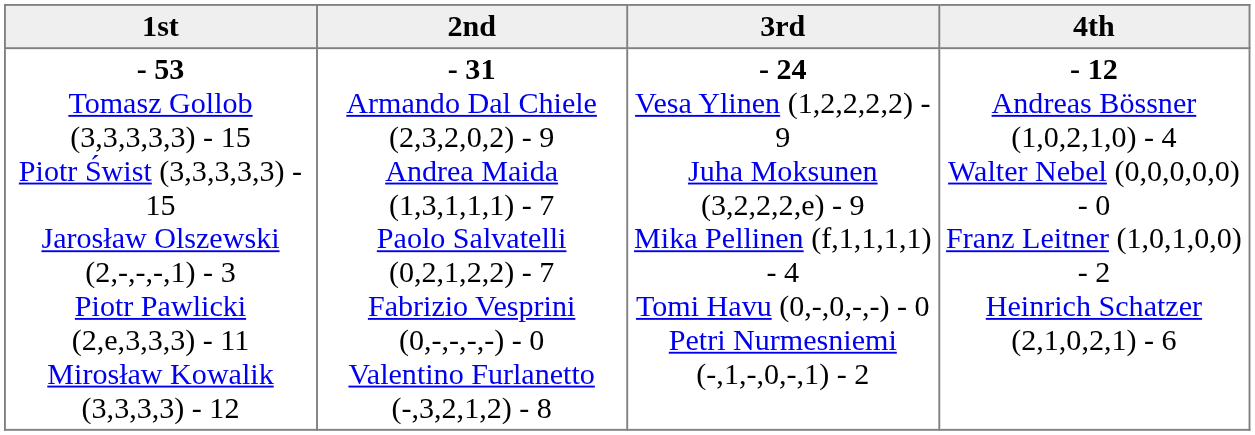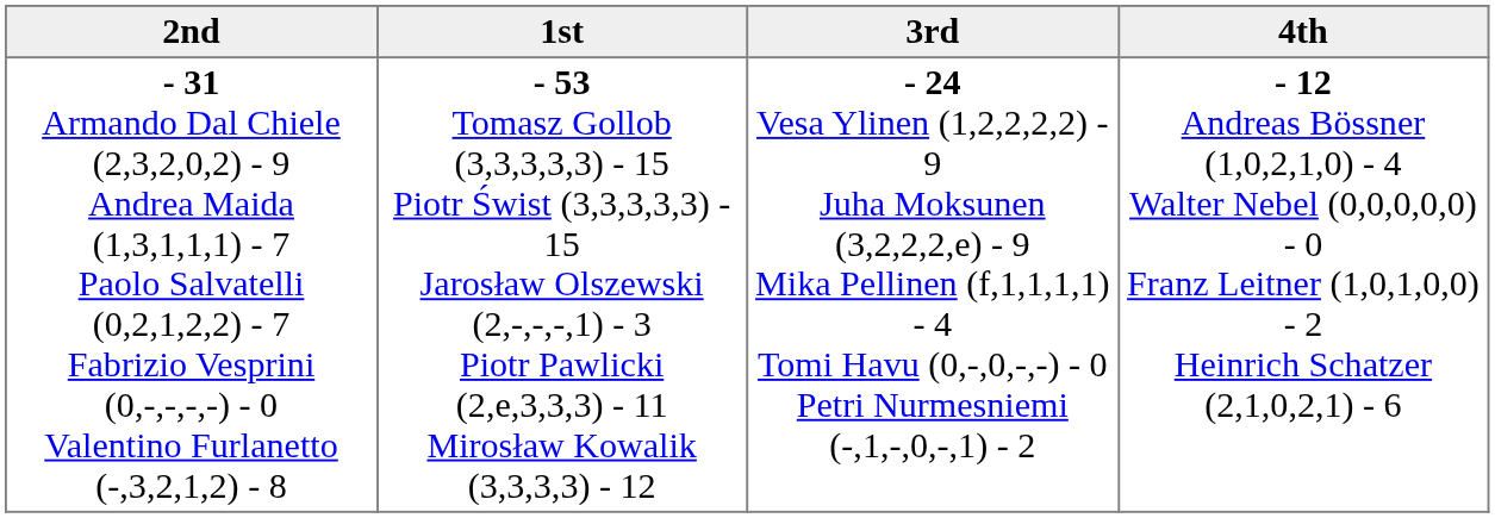 <table border="1" cellpadding="2" cellspacing="0" style="width:75%; border-collapse:collapse">
 <tr style="text-align:center; background:#efefef;">
+<th width=20% >2nd</th>
 <th width=20% >1st</th>
-<th width=20% >2nd</th>
 <th width=20% >3rd</th>
 <th width=20%>4th</th>
 </tr>
 <tr align=center>
+<td valign=top ><strong> - 31</strong><br><a href='#'>Armando Dal Chiele</a> (2,3,2,0,2) - 9<br><a href='#'>Andrea Maida</a> (1,3,1,1,1) - 7<br><a href='#'>Paolo Salvatelli</a> (0,2,1,2,2) - 7<br><a href='#'>Fabrizio Vesprini</a> (0,-,-,-,-) - 0<br><a href='#'>Valentino Furlanetto</a> (-,3,2,1,2) - 8</td>
 <td valign=top ><strong> - 53</strong><br><a href='#'>Tomasz Gollob</a> (3,3,3,3,3) - 15<br><a href='#'>Piotr Świst</a> (3,3,3,3,3) - 15<br><a href='#'>Jarosław Olszewski</a> (2,-,-,-,1) - 3<br><a href='#'>Piotr Pawlicki</a> (2,e,3,3,3) - 11<br><a href='#'>Mirosław Kowalik</a> (3,3,3,3) - 12</td>
-<td valign=top ><strong> - 31</strong><br><a href='#'>Armando Dal Chiele</a> (2,3,2,0,2) - 9<br><a href='#'>Andrea Maida</a> (1,3,1,1,1) - 7<br><a href='#'>Paolo Salvatelli</a> (0,2,1,2,2) - 7<br><a href='#'>Fabrizio Vesprini</a> (0,-,-,-,-) - 0<br><a href='#'>Valentino Furlanetto</a> (-,3,2,1,2) - 8</td>
 <td valign=top ><strong> - 24</strong><br><a href='#'>Vesa Ylinen</a> (1,2,2,2,2) - 9<br><a href='#'>Juha Moksunen</a> (3,2,2,2,e) - 9<br><a href='#'>Mika Pellinen</a> (f,1,1,1,1) - 4<br><a href='#'>Tomi Havu</a> (0,-,0,-,-) - 0<br><a href='#'>Petri Nurmesniemi</a> (-,1,-,0,-,1) - 2</td>
 <td valign=top><strong> - 12</strong><br><a href='#'>Andreas Bössner</a> (1,0,2,1,0) - 4<br><a href='#'>Walter Nebel</a> (0,0,0,0,0) - 0<br><a href='#'>Franz Leitner</a> (1,0,1,0,0) - 2 <br><a href='#'>Heinrich Schatzer</a> (2,1,0,2,1) - 6</td>
 </tr>
 </table>
